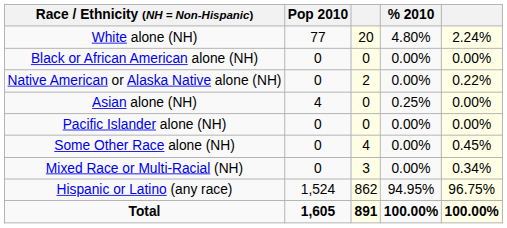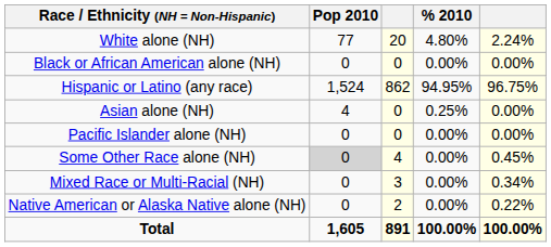 <table class="wikitable" style="text-align:center;">
 <tr>
 <th>Race / Ethnicity <small>(<em>NH = Non-Hispanic</em>)</small></th>
 <th>Pop 2010</th>
 <th></th>
 <th>% 2010</th>
 <th></th>
 </tr>
 <tr>
 <td><a href='#'>White</a> alone (NH)</td>
 <td>77</td>
 <td style='background: #ffffe6;'>20</td>
 <td>4.80%</td>
 <td style='background: #ffffe6;'>2.24%</td>
 </tr>
 <tr>
 <td><a href='#'>Black or African American</a> alone (NH)</td>
 <td>0</td>
 <td style='background: #ffffe6;'>0</td>
 <td>0.00%</td>
 <td style='background: #ffffe6;'>0.00%</td>
 </tr>
 <tr>
-<td><a href='#'>Native American</a> or <a href='#'>Alaska Native</a> alone (NH)</td>
-<td>0</td>
-<td style='background: #ffffe6;'>2</td>
-<td>0.00%</td>
-<td style='background: #ffffe6;'>0.22%</td>
+<td><a href='#'>Hispanic or Latino</a> (any race)</td>
+<td>1,524</td>
+<td style='background: #ffffe6;'>862</td>
+<td>94.95%</td>
+<td style='background: #ffffe6;'>96.75%</td>
 </tr>
 <tr>
 <td><a href='#'>Asian</a> alone (NH)</td>
 <td>4</td>
 <td style='background: #ffffe6;'>0</td>
 <td>0.25%</td>
 <td style='background: #ffffe6;'>0.00%</td>
 </tr>
 <tr>
 <td><a href='#'>Pacific Islander</a> alone (NH)</td>
 <td>0</td>
 <td style='background: #ffffe6;'>0</td>
 <td>0.00%</td>
 <td style='background: #ffffe6;'>0.00%</td>
 </tr>
 <tr>
 <td><a href='#'>Some Other Race</a> alone (NH)</td>
-<td>0</td>
+<td style="background: lightgrey;">0</td>
 <td style='background: #ffffe6;'>4</td>
 <td>0.00%</td>
 <td style='background: #ffffe6;'>0.45%</td>
 </tr>
 <tr>
 <td><a href='#'>Mixed Race or Multi-Racial</a> (NH)</td>
 <td>0</td>
 <td style='background: #ffffe6;'>3</td>
 <td>0.00%</td>
 <td style='background: #ffffe6;'>0.34%</td>
 </tr>
 <tr>
-<td><a href='#'>Hispanic or Latino</a> (any race)</td>
-<td>1,524</td>
-<td style='background: #ffffe6;'>862</td>
-<td>94.95%</td>
-<td style='background: #ffffe6;'>96.75%</td>
+<td><a href='#'>Native American</a> or <a href='#'>Alaska Native</a> alone (NH)</td>
+<td>0</td>
+<td style='background: #ffffe6;'>2</td>
+<td>0.00%</td>
+<td style='background: #ffffe6;'>0.22%</td>
 </tr>
 <tr>
 <td><strong>Total</strong></td>
 <td><strong>1,605</strong></td>
 <td style='background: #ffffe6;'><strong>891</strong></td>
 <td><strong>100.00%</strong></td>
 <td style='background: #ffffe6;'><strong>100.00%</strong></td>
 </tr>
 </table>
